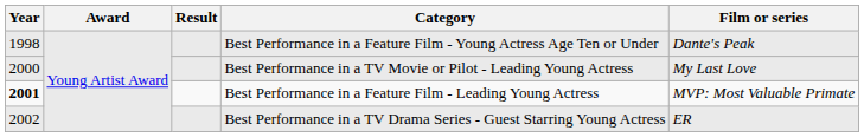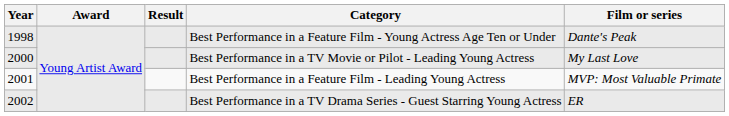 <table class="wikitable" style="font-size: 90%;">
 <tr>
 <th>Year</th>
 <th>Award</th>
 <th>Result</th>
 <th>Category</th>
 <th>Film or series</th>
 </tr>
 <tr style="background-color: #EAEAEA;">
 <td>1998</td>
 <td rowspan=4><a href='#'>Young Artist Award</a></td>
 <td></td>
 <td>Best Performance in a Feature Film - Young Actress Age Ten or Under</td>
 <td><em>Dante's Peak</em></td>
 </tr>
 <tr style="background-color: #EAEAEA;">
 <td>2000</td>
 <td></td>
 <td>Best Performance in a TV Movie or Pilot - Leading Young Actress</td>
 <td><em>My Last Love</em></td>
 </tr>
 <tr>
-<td><strong>2001</strong></td>
+<td>2001</td>
 <td></td>
 <td>Best Performance in a Feature Film - Leading Young Actress</td>
 <td><em>MVP: Most Valuable Primate</em></td>
 </tr>
 <tr style="background-color: #EAEAEA;">
 <td>2002</td>
 <td></td>
 <td>Best Performance in a TV Drama Series - Guest Starring Young Actress</td>
 <td><em>ER</em></td>
 </tr>
 </table>
